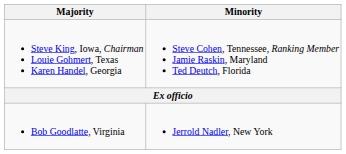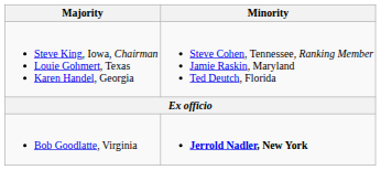 <table class=wikitable>
 <tr>
 <th>Majority</th>
 <th>Minority</th>
 </tr>
 <tr>
 <td><br><ul><li><a href='#'>Steve King</a>, Iowa, <em>Chairman</em></li><li><a href='#'>Louie Gohmert</a>, Texas</li><li><a href='#'>Karen Handel</a>, Georgia</li></ul></td>
 <td><br><ul><li><a href='#'>Steve Cohen</a>, Tennessee, <em>Ranking Member</em></li><li><a href='#'>Jamie Raskin</a>, Maryland</li><li><a href='#'>Ted Deutch</a>, Florida</li></ul></td>
 </tr>
 <tr>
 <th colspan=2><em>Ex officio</em></th>
 </tr>
 <tr>
 <td><br><ul><li><a href='#'>Bob Goodlatte</a>, Virginia</li></ul></td>
-<td><br><ul><li><a href='#'>Jerrold Nadler</a>, New York</li></ul></td>
+<td><strong><br><ul><li><a href='#'>Jerrold Nadler</a>, New York</li></ul></strong></td>
 </tr>
 </table>
